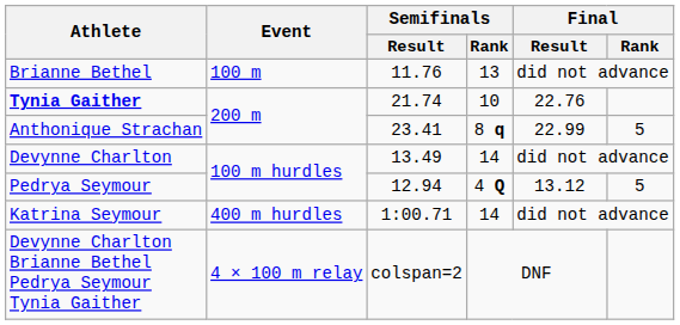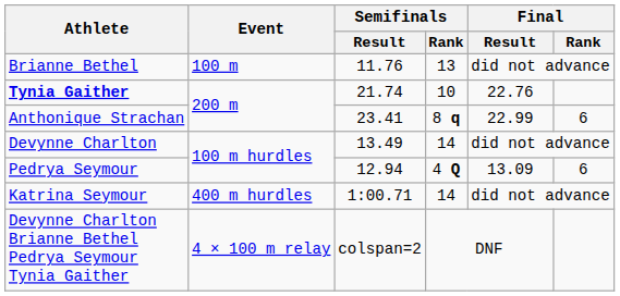 <table class=wikitable style="font-size:90%">
 <tr>
 <th rowspan="2">Athlete</th>
 <th rowspan="2">Event</th>
 <th colspan="2">Semifinals</th>
 <th colspan="2">Final</th>
 </tr>
 <tr style="font-size:95%">
 <th>Result</th>
 <th>Rank</th>
 <th>Result</th>
 <th>Rank</th>
 </tr>
 <tr align=center>
 <td align=left><a href='#'>Brianne Bethel</a></td>
 <td align=left><a href='#'>100 m</a></td>
 <td>11.76</td>
 <td>13</td>
 <td colspan=2>did not advance</td>
 </tr>
 <tr align=center>
 <td align=left><strong><a href='#'>Tynia Gaither</a></strong></td>
 <td align=left rowspan=2><a href='#'>200 m</a></td>
 <td>21.74</td>
 <td>10</td>
 <td>22.76</td>
 <td></td>
 </tr>
 <tr align=center>
 <td align=left><a href='#'>Anthonique Strachan</a></td>
 <td>23.41</td>
 <td>8 <strong>q</strong></td>
 <td>22.99</td>
-<td>5</td>
+<td>6</td>
 </tr>
 <tr align=center>
 <td align=left><a href='#'>Devynne Charlton</a></td>
 <td align=left rowspan=2><a href='#'>100 m hurdles</a></td>
 <td>13.49</td>
 <td>14</td>
 <td colspan=2>did not advance</td>
 </tr>
 <tr align=center>
 <td align=left><a href='#'>Pedrya Seymour</a></td>
 <td>12.94</td>
 <td>4 <strong>Q</strong></td>
-<td>13.12</td>
-<td>5</td>
+<td>13.09</td>
+<td>6</td>
 </tr>
 <tr align=center>
 <td align=left><a href='#'>Katrina Seymour</a></td>
 <td align=left><a href='#'>400 m hurdles</a></td>
 <td>1:00.71</td>
 <td>14</td>
 <td colspan=2>did not advance</td>
 </tr>
 <tr align=center>
 <td align=left><a href='#'>Devynne Charlton</a><br><a href='#'>Brianne Bethel</a><br><a href='#'>Pedrya Seymour</a><br><a href='#'>Tynia Gaither</a></td>
 <td align=left><a href='#'>4 × 100 m relay</a></td>
 <td>colspan=2 </td>
 <td colspan=2>DNF</td>
 </tr>
 </table>
